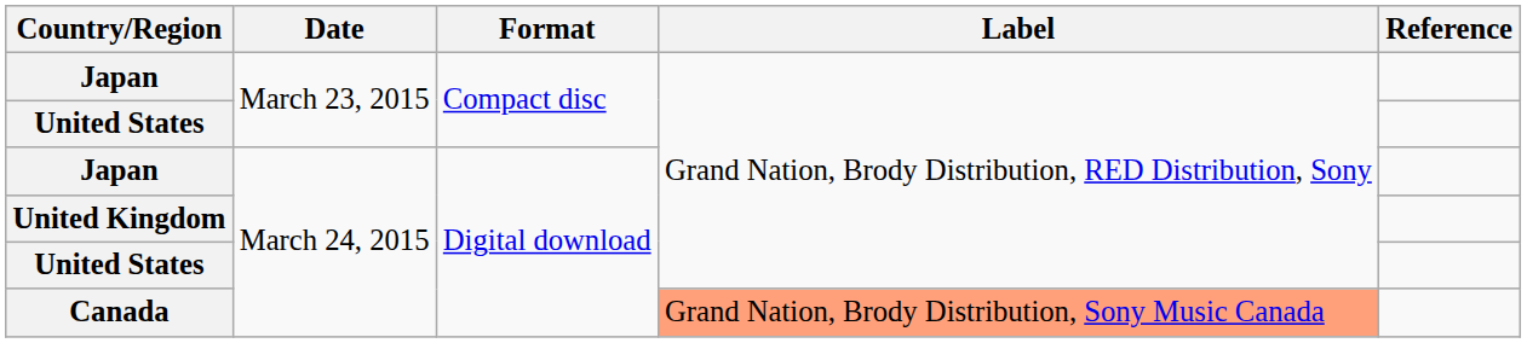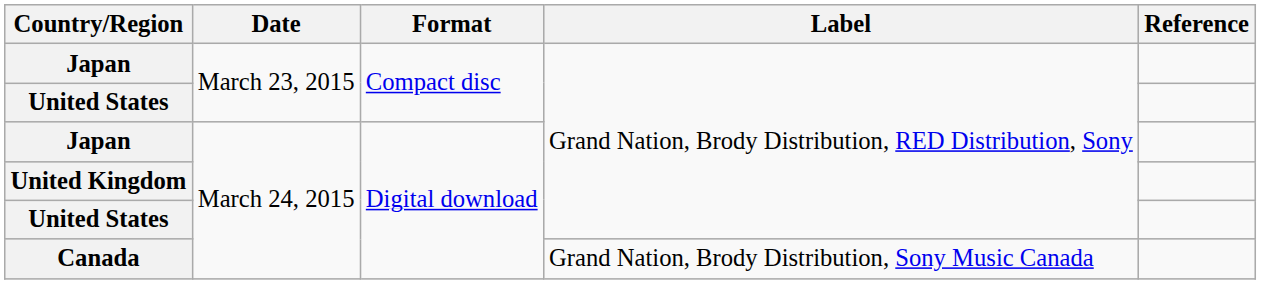 <table class="wikitable plainrowheaders">
 <tr>
 <th scope="col">Country/Region</th>
 <th scope="col">Date</th>
 <th scope="col">Format</th>
 <th scope="col">Label</th>
 <th scope="col">Reference</th>
 </tr>
 <tr>
 <th scope="row">Japan</th>
 <td rowspan="2">March 23, 2015</td>
 <td rowspan="2"><a href='#'>Compact disc</a></td>
 <td rowspan="5">Grand Nation, Brody Distribution, <a href='#'>RED Distribution</a>, <a href='#'>Sony</a></td>
 <td></td>
 </tr>
 <tr>
 <th scope="row">United States</th>
 <td></td>
 </tr>
 <tr>
 <th scope="row">Japan</th>
 <td rowspan="4">March 24, 2015</td>
 <td rowspan="4"><a href='#'>Digital download</a></td>
 <td></td>
 </tr>
 <tr>
 <th scope="row">United Kingdom</th>
 <td></td>
 </tr>
 <tr>
 <th scope="row">United States</th>
 <td></td>
 </tr>
 <tr>
 <th scope="row">Canada</th>
-<td style="background: lightsalmon;">Grand Nation, Brody Distribution, <a href='#'>Sony Music Canada</a></td>
+<td>Grand Nation, Brody Distribution, <a href='#'>Sony Music Canada</a></td>
 <td></td>
 </tr>
 </table>
